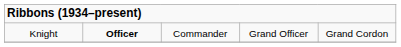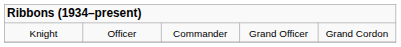 <table align=center class=wikitable width=60%>
 <tr>
 <td colspan=5><strong>Ribbons (1934–present)</strong></td>
 </tr>
 <tr>
 <td width=20% valign=top align=center><small>Knight</small></td>
-<td width=20% valign=top align=center><strong><small>Officer</small></strong></td>
+<td width=20% valign=top align=center><small>Officer</small></td>
 <td width=20% valign=top align=center><small>Commander</small></td>
 <td width=20% valign=top align=center><small>Grand Officer</small></td>
 <td width=20% valign=top align=center><small>Grand Cordon</small></td>
 </tr>
 <tr>
 </tr>
 </table>
